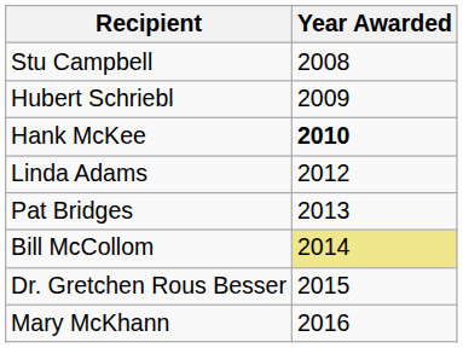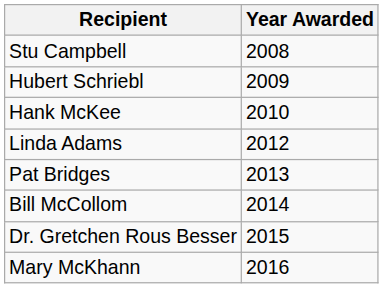 <table class="wikitable sortable">
 <tr>
 <th>Recipient</th>
 <th>Year Awarded</th>
 </tr>
 <tr>
 <td>Stu Campbell </td>
 <td>2008</td>
 </tr>
 <tr>
 <td>Hubert Schriebl </td>
 <td>2009</td>
 </tr>
 <tr>
 <td>Hank McKee </td>
-<td><strong>2010</strong></td>
+<td>2010</td>
 </tr>
 <tr>
 <td>Linda Adams </td>
 <td>2012</td>
 </tr>
 <tr>
 <td>Pat Bridges </td>
 <td>2013</td>
 </tr>
 <tr>
 <td>Bill McCollom </td>
-<td style="background: khaki;">2014</td>
+<td>2014</td>
 </tr>
 <tr>
 <td>Dr. Gretchen Rous Besser </td>
 <td>2015</td>
 </tr>
 <tr>
 <td>Mary McKhann </td>
 <td>2016</td>
 </tr>
 </table>
